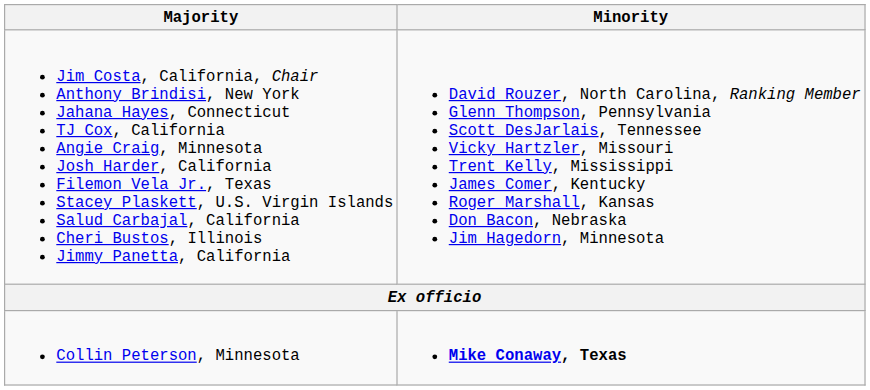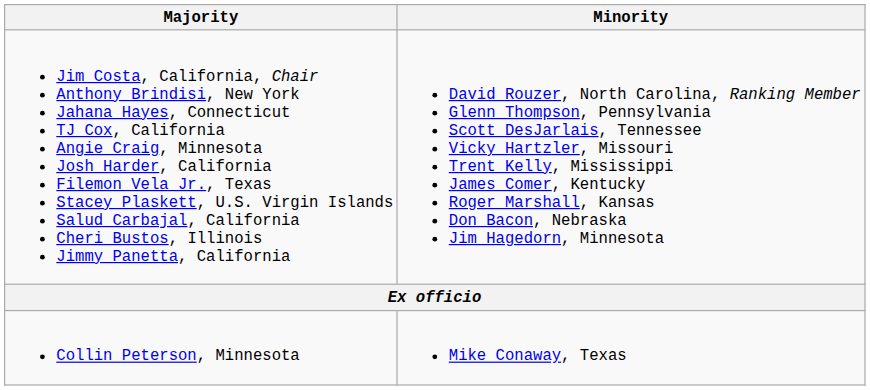 <table class=wikitable>
 <tr>
 <th>Majority</th>
 <th>Minority</th>
 </tr>
 <tr>
 <td><br><ul><li><a href='#'>Jim Costa</a>, California, <em>Chair</em></li><li><a href='#'>Anthony Brindisi</a>, New York</li><li><a href='#'>Jahana Hayes</a>, Connecticut</li><li><a href='#'>TJ Cox</a>, California</li><li><a href='#'>Angie Craig</a>, Minnesota</li><li><a href='#'>Josh Harder</a>, California</li><li><a href='#'>Filemon Vela Jr.</a>, Texas</li><li><a href='#'>Stacey Plaskett</a>, U.S. Virgin Islands</li><li><a href='#'>Salud Carbajal</a>, California</li><li><a href='#'>Cheri Bustos</a>, Illinois</li><li><a href='#'>Jimmy Panetta</a>, California</li></ul></td>
 <td><br><ul><li><a href='#'>David Rouzer</a>, North Carolina, <em>Ranking Member</em></li><li><a href='#'>Glenn Thompson</a>, Pennsylvania</li><li><a href='#'>Scott DesJarlais</a>, Tennessee</li><li><a href='#'>Vicky Hartzler</a>, Missouri</li><li><a href='#'>Trent Kelly</a>, Mississippi</li><li><a href='#'>James Comer</a>, Kentucky</li><li><a href='#'>Roger Marshall</a>, Kansas</li><li><a href='#'>Don Bacon</a>, Nebraska</li><li><a href='#'>Jim Hagedorn</a>, Minnesota</li></ul></td>
 </tr>
 <tr>
 <th colspan=2><em>Ex officio</em></th>
 </tr>
 <tr>
 <td><br><ul><li><a href='#'>Collin Peterson</a>, Minnesota</li></ul></td>
-<td><strong><br><ul><li><a href='#'>Mike Conaway</a>, Texas</li></ul></strong></td>
+<td><br><ul><li><a href='#'>Mike Conaway</a>, Texas</li></ul></td>
 </tr>
 </table>
